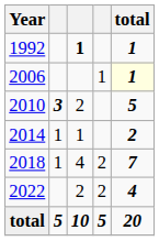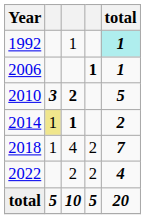 <table class="wikitable" style="font-size: 100%; text-align: center">
 <tr>
 <th>Year</th>
 <th></th>
 <th></th>
 <th></th>
 <th>total</th>
 </tr>
 <tr>
 <td><a href='#'>1992</a></td>
 <td></td>
-<td><strong>1</strong></td>
+<td>1</td>
 <td></td>
-<td><strong><em>1</em></strong></td>
+<td style="background: paleturquoise;"><strong><em>1</em></strong></td>
 </tr>
 <tr>
 <td><a href='#'>2006</a></td>
 <td></td>
 <td></td>
-<td>1</td>
-<td style="background: lightyellow;"><strong><em>1</em></strong></td>
+<td><strong>1</strong></td>
+<td><strong><em>1</em></strong></td>
 </tr>
 <tr>
 <td><a href='#'>2010</a></td>
 <td><strong><em>3</em></strong></td>
-<td>2</td>
+<td><strong>2</strong></td>
 <td></td>
 <td><strong><em>5</em></strong></td>
 </tr>
 <tr>
 <td><a href='#'>2014</a></td>
-<td>1</td>
-<td>1</td>
+<td style="background: khaki;">1</td>
+<td><strong>1</strong></td>
 <td></td>
 <td><strong><em>2</em></strong></td>
 </tr>
 <tr>
 <td><a href='#'>2018</a></td>
 <td>1</td>
 <td>4</td>
 <td>2</td>
 <td><strong><em>7</em></strong></td>
 </tr>
 <tr>
 <td><a href='#'>2022</a></td>
 <td></td>
 <td>2</td>
 <td>2</td>
 <td><strong><em>4</em></strong></td>
 </tr>
 <tr>
 <td style="background:#EFEFEF"><strong>total</strong></td>
 <td><strong><em>5</em></strong></td>
 <td><strong><em>10</em></strong></td>
 <td><strong><em>5</em></strong></td>
 <td><strong><em>20</em></strong></td>
 </tr>
 <tr>
 </tr>
 </table>
